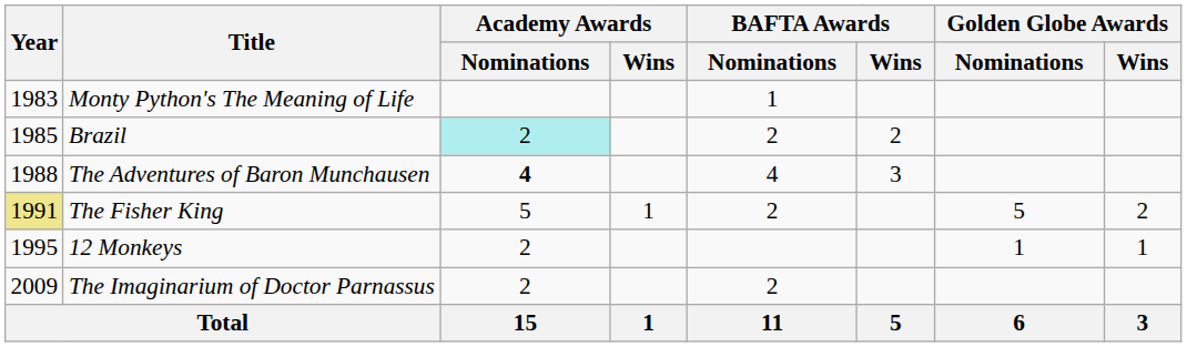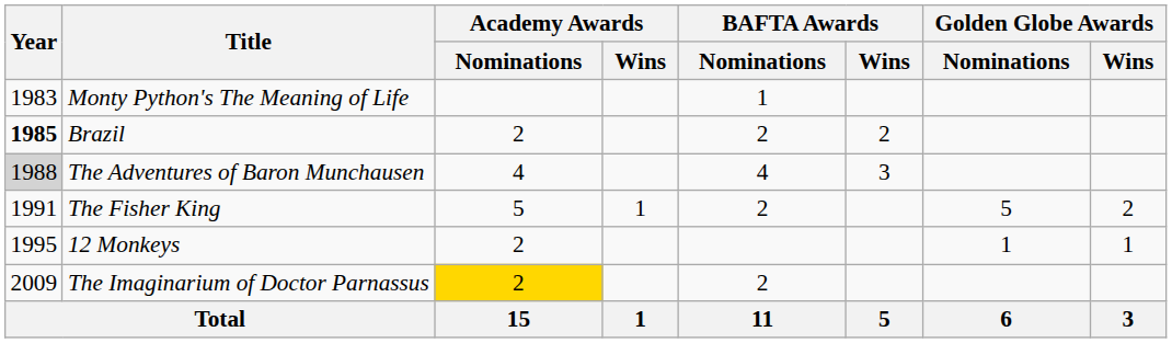 <table class="wikitable">
 <tr>
 <th rowspan="2">Year</th>
 <th rowspan="2">Title</th>
 <th colspan="2" style="text-align:center;" width=160>Academy Awards</th>
 <th colspan="2" style="text-align:center;" width=160>BAFTA Awards</th>
 <th colspan="2" style="text-align:center;" width=160>Golden Globe Awards</th>
 </tr>
 <tr>
 <th>Nominations</th>
 <th>Wins</th>
 <th>Nominations</th>
 <th>Wins</th>
 <th>Nominations</th>
 <th>Wins</th>
 </tr>
 <tr>
 <td>1983</td>
 <td><em>Monty Python's The Meaning of Life</em></td>
 <td></td>
 <td></td>
 <td align=center>1</td>
 <td></td>
 <td></td>
 <td></td>
 </tr>
 <tr>
-<td>1985</td>
+<td><strong>1985</strong></td>
 <td><em>Brazil</em></td>
-<td align=center style="background: paleturquoise;">2</td>
+<td align=center>2</td>
 <td></td>
 <td align=center>2</td>
 <td align=center>2</td>
 <td></td>
 <td></td>
 </tr>
 <tr>
-<td>1988</td>
+<td style="background: lightgrey;">1988</td>
 <td><em>The Adventures of Baron Munchausen</em></td>
-<td align=center><strong>4</strong></td>
+<td align=center>4</td>
 <td></td>
 <td align=center>4</td>
 <td align=center>3</td>
 <td></td>
 <td></td>
 </tr>
 <tr>
-<td style="background: khaki;">1991</td>
+<td>1991</td>
 <td><em>The Fisher King</em></td>
 <td align=center>5</td>
 <td align=center>1</td>
 <td align=center>2</td>
 <td></td>
 <td align=center>5</td>
 <td align=center>2</td>
 </tr>
 <tr>
 <td>1995</td>
 <td><em>12 Monkeys</em></td>
 <td align=center>2</td>
 <td></td>
 <td></td>
 <td></td>
 <td align=center>1</td>
 <td align=center>1</td>
 </tr>
 <tr>
 <td>2009</td>
 <td><em>The Imaginarium of Doctor Parnassus</em></td>
-<td align=center>2</td>
+<td align=center style="background: gold;">2</td>
 <td></td>
 <td align=center>2</td>
 <td></td>
 <td></td>
 <td></td>
 </tr>
 <tr>
 <th colspan="2">Total</th>
 <th align=center>15</th>
 <th align=center>1</th>
 <th align=center>11</th>
 <th align=center>5</th>
 <th align=center>6</th>
 <th align=center>3</th>
 </tr>
 </table>
